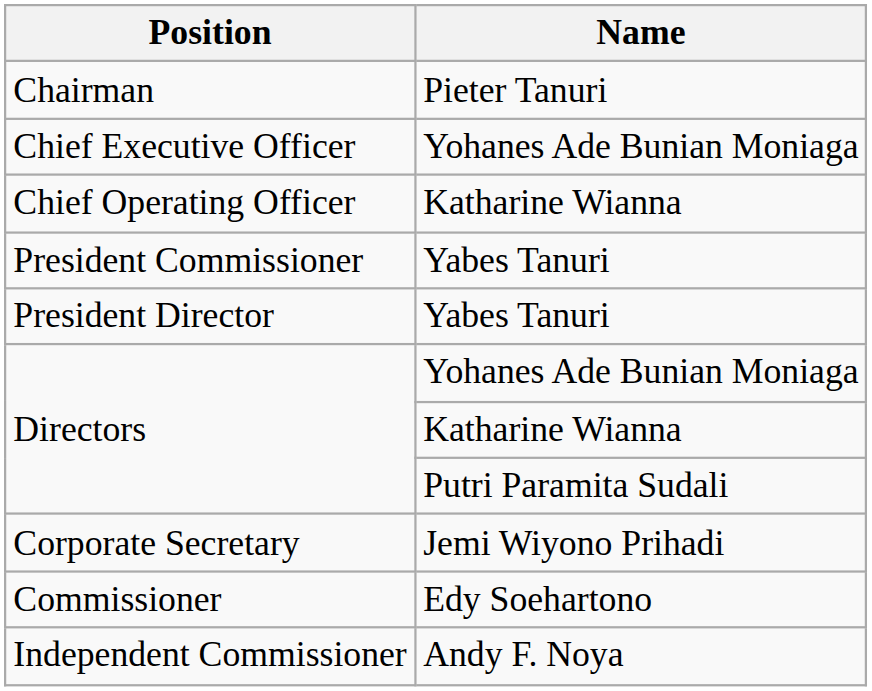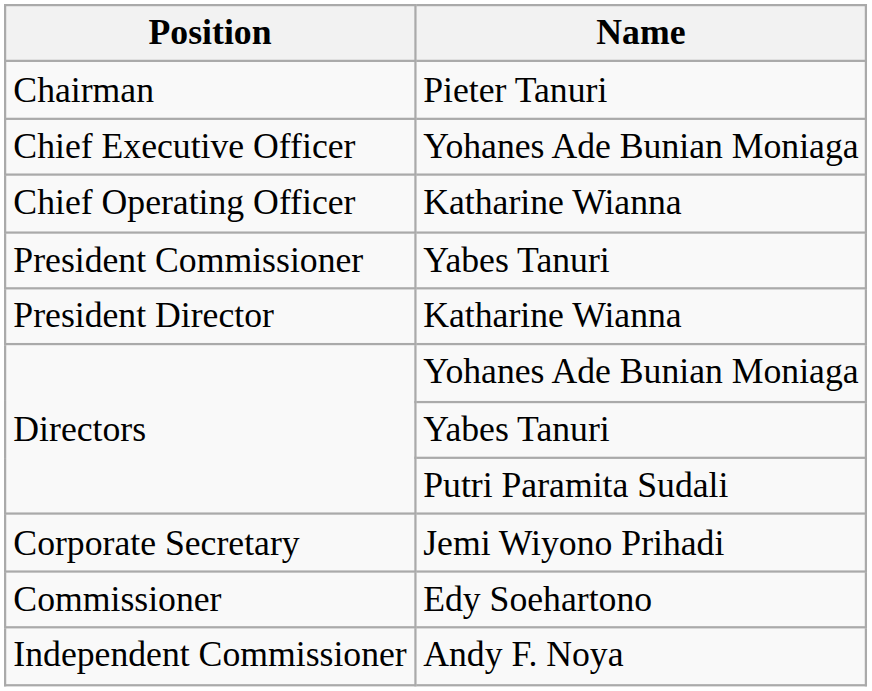 <table class="wikitable">
 <tr>
 <th>Position</th>
 <th>Name</th>
 </tr>
 <tr>
 <td>Chairman</td>
 <td>Pieter Tanuri</td>
 </tr>
 <tr>
 <td>Chief Executive Officer</td>
 <td>Yohanes Ade Bunian Moniaga</td>
 </tr>
 <tr>
 <td>Chief Operating Officer</td>
 <td>Katharine Wianna</td>
 </tr>
 <tr>
 <td>President Commissioner</td>
 <td>Yabes Tanuri</td>
 </tr>
 <tr>
 <td>President Director</td>
-<td>Yabes Tanuri</td>
+<td>Katharine Wianna</td>
 </tr>
 <tr>
 <td rowspan="3">Directors</td>
 <td>Yohanes Ade Bunian Moniaga</td>
 </tr>
 <tr>
-<td>Katharine Wianna</td>
+<td>Yabes Tanuri</td>
 </tr>
 <tr>
 <td>Putri Paramita Sudali</td>
 </tr>
 <tr>
 <td>Corporate Secretary</td>
 <td>Jemi Wiyono Prihadi</td>
 </tr>
 <tr>
 <td>Commissioner</td>
 <td>Edy Soehartono</td>
 </tr>
 <tr>
 <td>Independent Commissioner</td>
 <td>Andy F. Noya</td>
 </tr>
 </table>
